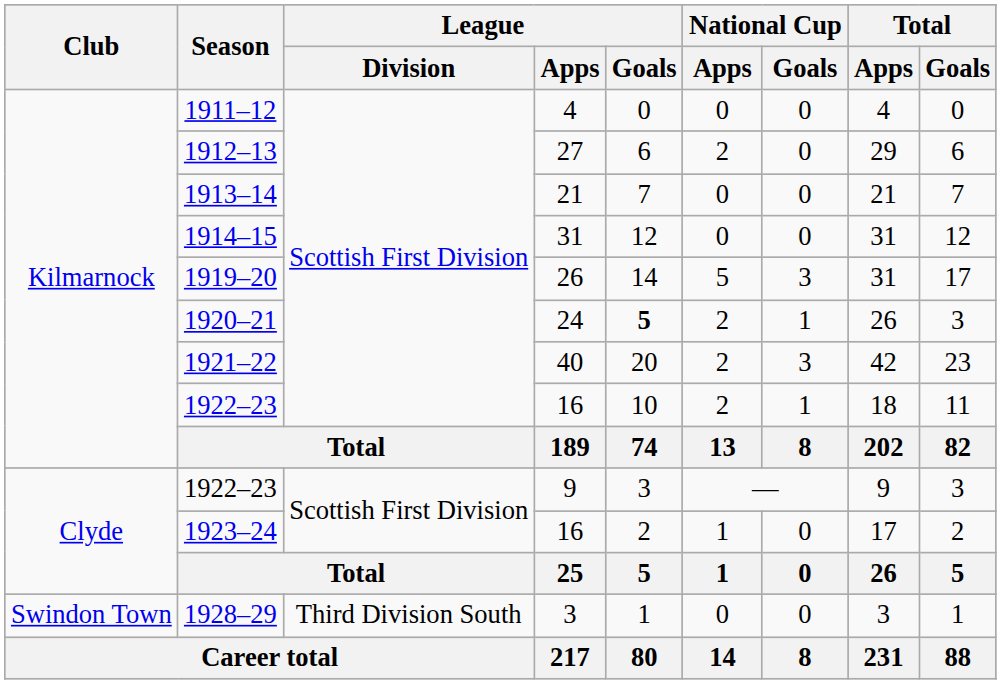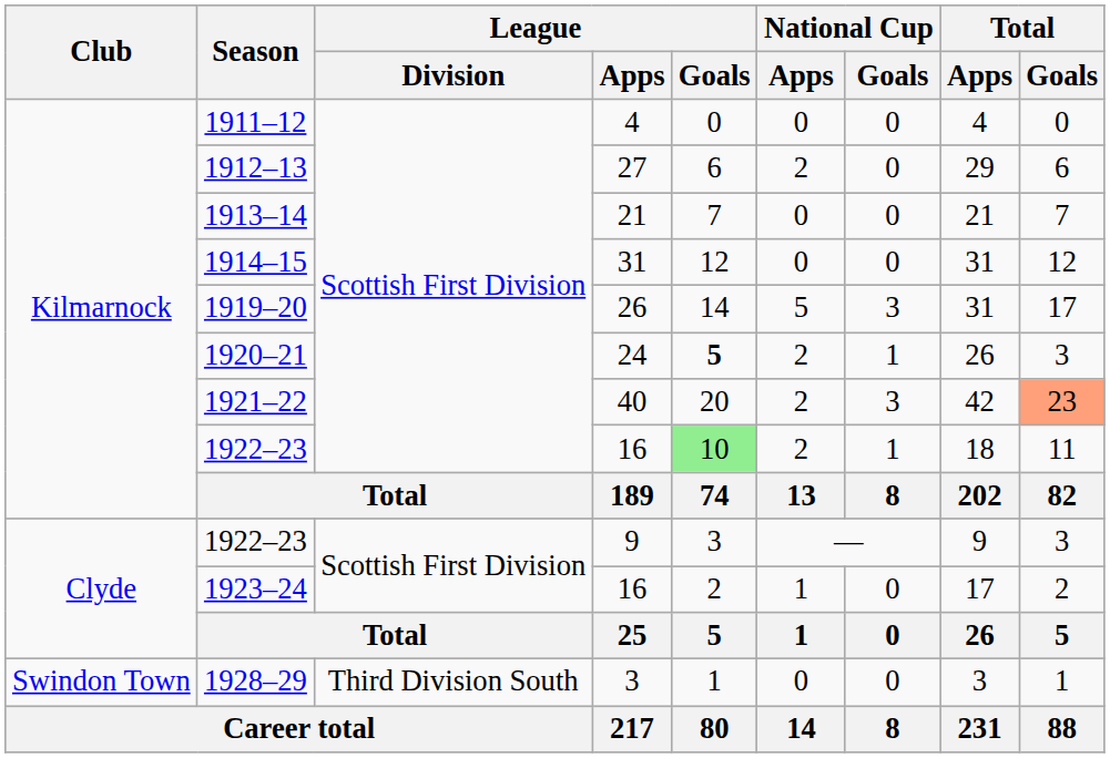 <table class="wikitable" style="text-align: center;">
 <tr>
 <th rowspan="2">Club</th>
 <th rowspan="2">Season</th>
 <th colspan="3">League</th>
 <th colspan="2">National Cup</th>
 <th colspan="2">Total</th>
 </tr>
 <tr>
 <th>Division</th>
 <th>Apps</th>
 <th>Goals</th>
 <th>Apps</th>
 <th>Goals</th>
 <th>Apps</th>
 <th>Goals</th>
 </tr>
 <tr>
 <td rowspan="9"><a href='#'>Kilmarnock</a></td>
 <td><a href='#'>1911–12</a></td>
 <td rowspan="8"><a href='#'>Scottish First Division</a></td>
 <td>4</td>
 <td>0</td>
 <td>0</td>
 <td>0</td>
 <td>4</td>
 <td>0</td>
 </tr>
 <tr>
 <td><a href='#'>1912–13</a></td>
 <td>27</td>
 <td>6</td>
 <td>2</td>
 <td>0</td>
 <td>29</td>
 <td>6</td>
 </tr>
 <tr>
 <td><a href='#'>1913–14</a></td>
 <td>21</td>
 <td>7</td>
 <td>0</td>
 <td>0</td>
 <td>21</td>
 <td>7</td>
 </tr>
 <tr>
 <td><a href='#'>1914–15</a></td>
 <td>31</td>
 <td>12</td>
 <td>0</td>
 <td>0</td>
 <td>31</td>
 <td>12</td>
 </tr>
 <tr>
 <td><a href='#'>1919–20</a></td>
 <td>26</td>
 <td>14</td>
 <td>5</td>
 <td>3</td>
 <td>31</td>
 <td>17</td>
 </tr>
 <tr>
 <td><a href='#'>1920–21</a></td>
 <td>24</td>
 <td><strong>5</strong></td>
 <td>2</td>
 <td>1</td>
 <td>26</td>
 <td>3</td>
 </tr>
 <tr>
 <td><a href='#'>1921–22</a></td>
 <td>40</td>
 <td>20</td>
 <td>2</td>
 <td>3</td>
 <td>42</td>
-<td>23</td>
+<td style="background: lightsalmon;">23</td>
 </tr>
 <tr>
 <td><a href='#'>1922–23</a></td>
 <td>16</td>
-<td>10</td>
+<td style="background: lightgreen;">10</td>
 <td>2</td>
 <td>1</td>
 <td>18</td>
 <td>11</td>
 </tr>
 <tr>
 <th colspan="2">Total</th>
 <th>189</th>
 <th>74</th>
 <th>13</th>
 <th>8</th>
 <th>202</th>
 <th>82</th>
 </tr>
 <tr>
 <td rowspan="3"><a href='#'>Clyde</a></td>
 <td>1922–23</td>
 <td rowspan="2">Scottish First Division</td>
 <td>9</td>
 <td>3</td>
 <td colspan="2">—</td>
 <td>9</td>
 <td>3</td>
 </tr>
 <tr>
 <td><a href='#'>1923–24</a></td>
 <td>16</td>
 <td>2</td>
 <td>1</td>
 <td>0</td>
 <td>17</td>
 <td>2</td>
 </tr>
 <tr>
 <th colspan="2">Total</th>
 <th>25</th>
 <th>5</th>
 <th>1</th>
 <th>0</th>
 <th>26</th>
 <th>5</th>
 </tr>
 <tr>
 <td><a href='#'>Swindon Town</a></td>
 <td><a href='#'>1928–29</a></td>
 <td>Third Division South</td>
 <td>3</td>
 <td>1</td>
 <td>0</td>
 <td>0</td>
 <td>3</td>
 <td>1</td>
 </tr>
 <tr>
 <th colspan="3">Career total</th>
 <th>217</th>
 <th>80</th>
 <th>14</th>
 <th>8</th>
 <th>231</th>
 <th>88</th>
 </tr>
 </table>
